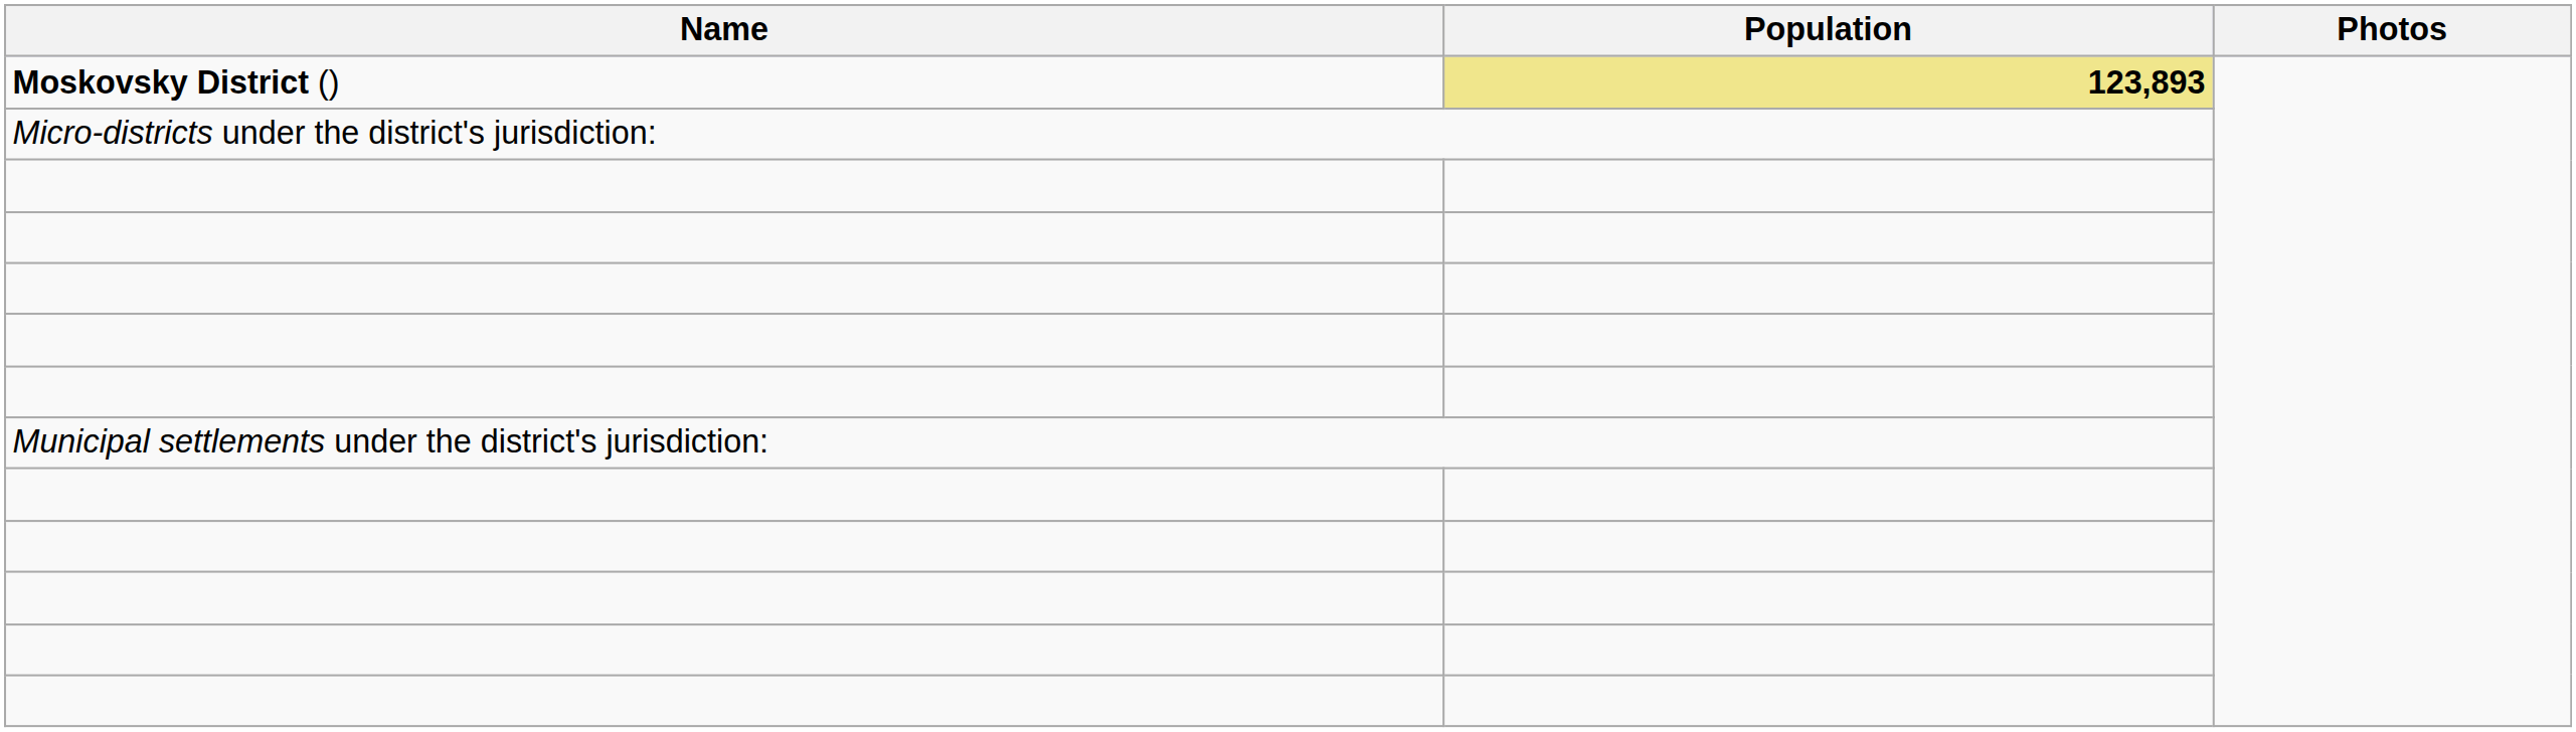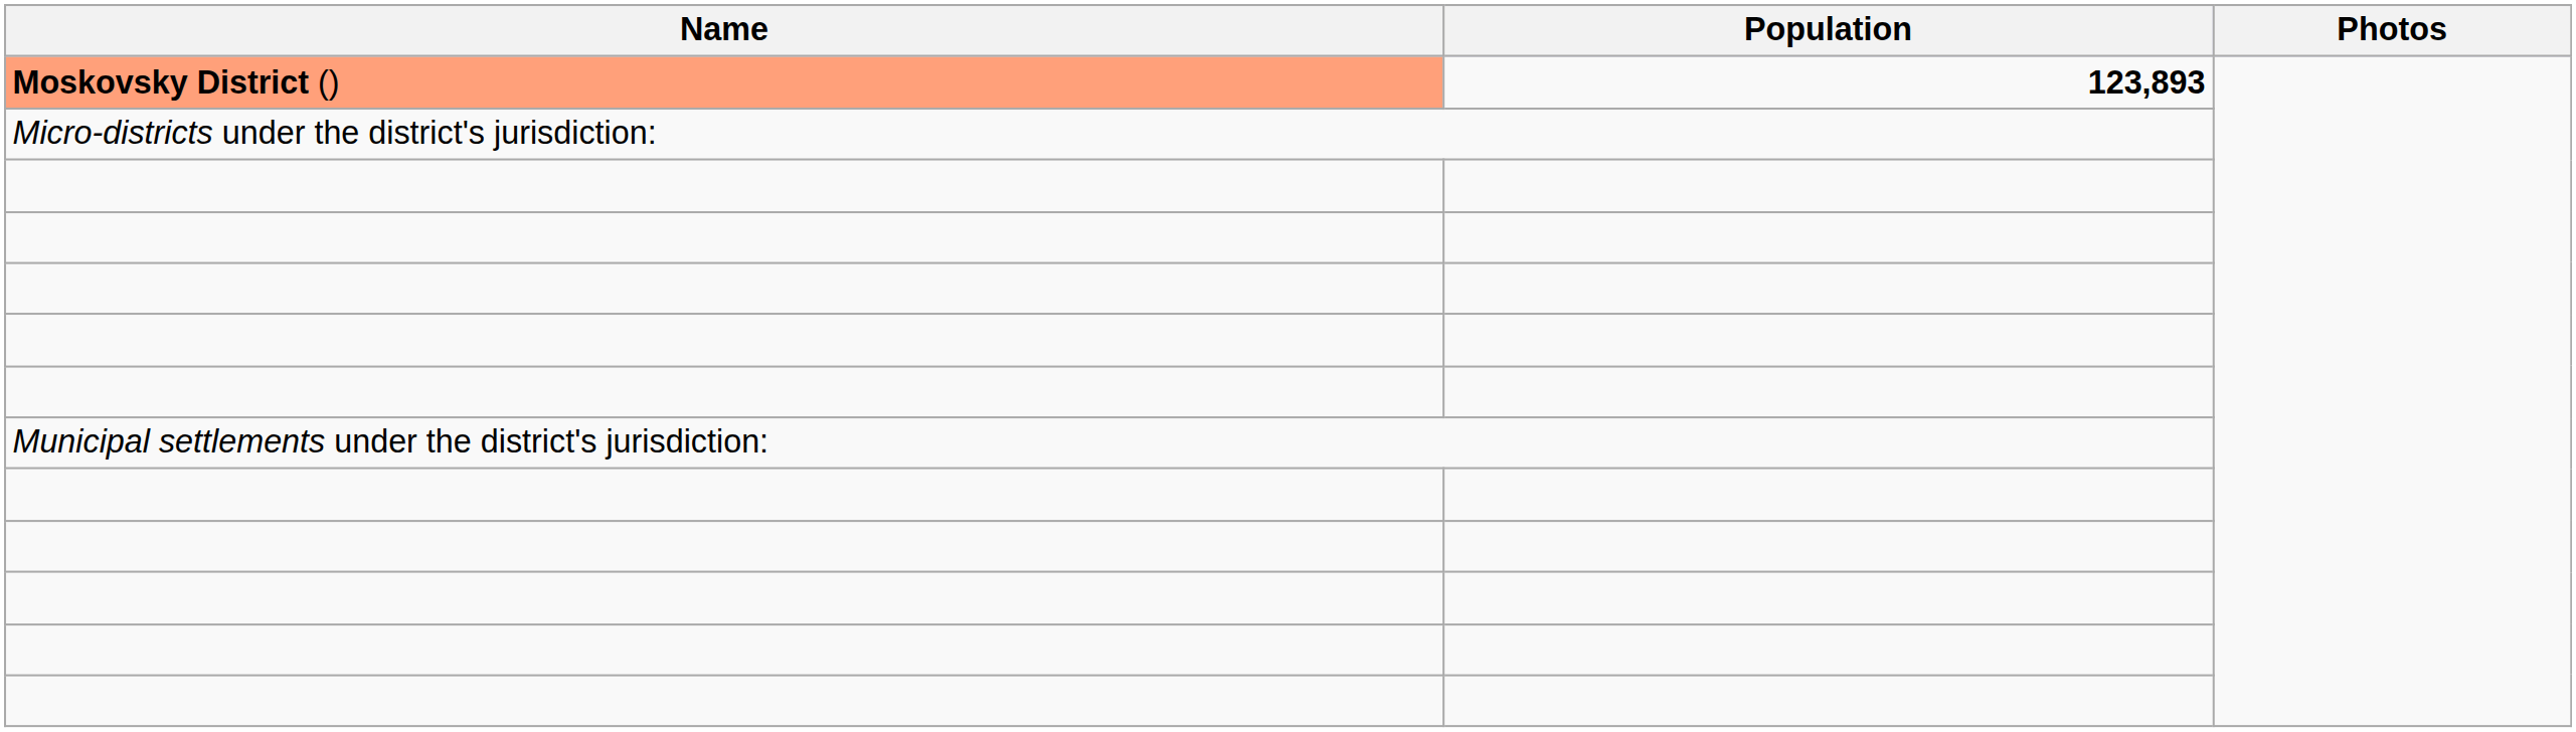 <table width=100% class="wikitable">
 <tr bgcolor="#CCCCFF" align="left">
 <th>Name</th>
 <th>Population</th>
 <th>Photos</th>
 </tr>
 <tr valign="top">
-<td><strong>Moskovsky District</strong> ()</td>
-<td align="right" style="background: khaki;"><strong>123,893</strong></td>
+<td style="background: lightsalmon;"><strong>Moskovsky District</strong> ()</td>
+<td align="right"><strong>123,893</strong></td>
 <td rowspan=16></td>
 </tr>
 <tr valign="top">
 <td colspan=2><em>Micro-districts</em> under the district's jurisdiction:</td>
 </tr>
 <tr>
 <td><br></td>
 <td align="right"></td>
 </tr>
 <tr>
 <td><br></td>
 <td align="right"></td>
 </tr>
 <tr>
 <td><br></td>
 <td align="right"></td>
 </tr>
 <tr>
 <td><br></td>
 <td align="right"></td>
 </tr>
 <tr>
 <td><br></td>
 <td align="right"></td>
 </tr>
 <tr valign="top">
 <td colspan=2><em>Municipal settlements</em> under the district's jurisdiction:</td>
 </tr>
 <tr>
 <td><br></td>
 <td align="right"></td>
 </tr>
 <tr>
 <td><br></td>
 <td align="right"></td>
 </tr>
 <tr>
 <td><br></td>
 <td align="right"></td>
 </tr>
 <tr>
 <td><br></td>
 <td align="right"></td>
 </tr>
 <tr>
 <td><br></td>
 <td align="right"></td>
 </tr>
 </table>
